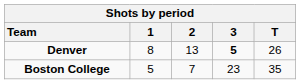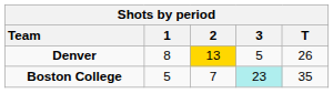 <table class="wikitable" style="width:25em; text-align:right;">
 <tr>
 <th colspan=6>Shots by period</th>
 </tr>
 <tr>
 <th style="width:10em; text-align:left;">Team</th>
 <th style="width:3em;">1</th>
 <th style="width:3em;">2</th>
 <th style="width:3em;">3</th>
 <th style="width:3em;">T</th>
 </tr>
 <tr>
 <td align=center><strong>Denver</strong></td>
 <td align=center>8</td>
-<td align=center>13</td>
-<td align=center><strong>5</strong></td>
+<td align=center style="background: gold;">13</td>
+<td align=center>5</td>
 <td align=center>26</td>
 </tr>
 <tr>
 <td align=center><strong>Boston College</strong></td>
 <td align=center>5</td>
 <td align=center>7</td>
-<td align=center>23</td>
+<td align=center style="background: paleturquoise;">23</td>
 <td align=center>35</td>
 </tr>
 </table>
